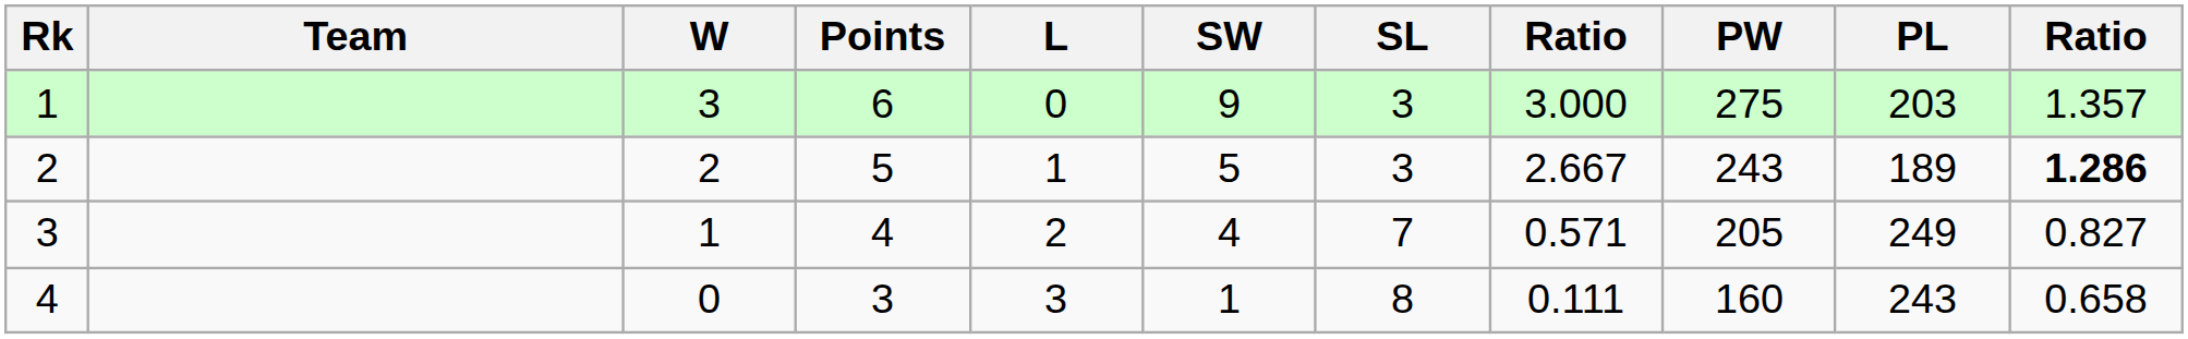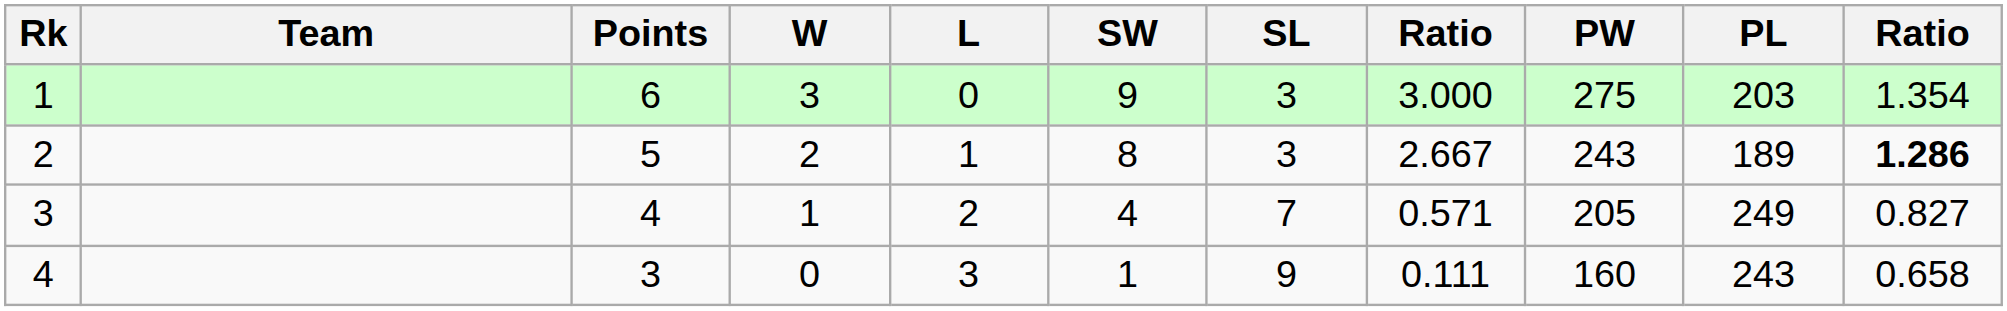 <table class=wikitable style=text-align:center>
 <tr>
 <th width=25>Rk</th>
 <th width=200>Team</th>
+<th width=60>Points</th>
 <th width=60>W</th>
-<th width=60>Points</th>
 <th width=60>L</th>
 <th width=60>SW</th>
 <th width=60>SL</th>
 <th width=60>Ratio</th>
 <th width=60>PW</th>
 <th width=60>PL</th>
 <th width=60>Ratio</th>
 </tr>
 <tr style="background: #ccffcc">
 <td>1</td>
 <td align=left></td>
+<td>6</td>
 <td>3</td>
-<td>6</td>
 <td>0</td>
 <td>9</td>
 <td>3</td>
 <td>3.000</td>
 <td>275</td>
 <td>203</td>
-<td>1.357</td>
+<td>1.354</td>
 </tr>
 <tr>
 <td>2</td>
 <td align=left></td>
+<td>5</td>
 <td>2</td>
-<td>5</td>
 <td>1</td>
-<td>5</td>
+<td>8</td>
 <td>3</td>
 <td>2.667</td>
 <td>243</td>
 <td>189</td>
 <td><strong>1.286</strong></td>
 </tr>
 <tr>
 <td>3</td>
 <td align=left></td>
+<td>4</td>
 <td>1</td>
-<td>4</td>
 <td>2</td>
 <td>4</td>
 <td>7</td>
 <td>0.571</td>
 <td>205</td>
 <td>249</td>
 <td>0.827</td>
 </tr>
 <tr>
 <td>4</td>
 <td align=left></td>
+<td>3</td>
 <td>0</td>
 <td>3</td>
-<td>3</td>
 <td>1</td>
-<td>8</td>
+<td>9</td>
 <td>0.111</td>
 <td>160</td>
 <td>243</td>
 <td>0.658</td>
 </tr>
 </table>
